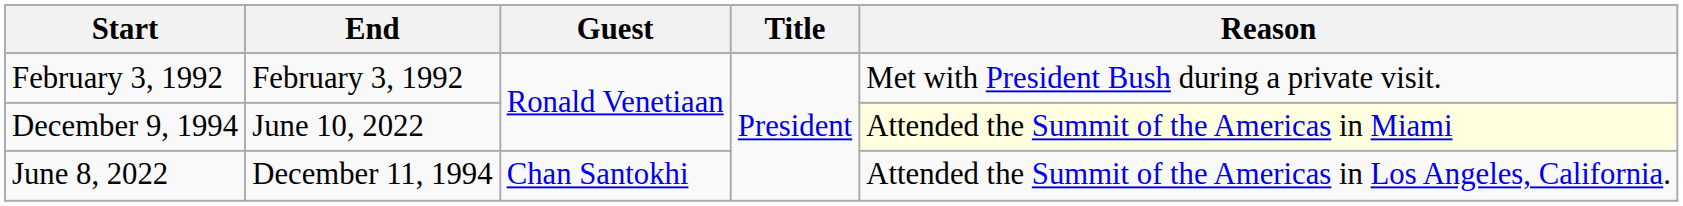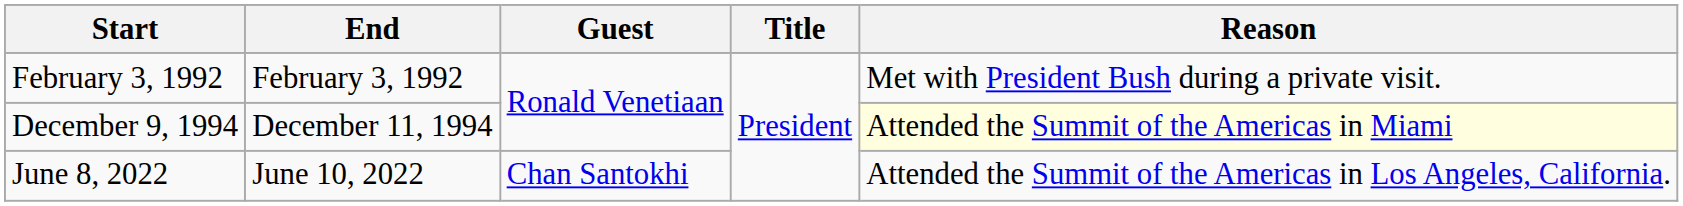 <table class="wikitable sortable">
 <tr>
 <th>Start</th>
 <th>End</th>
 <th>Guest</th>
 <th>Title</th>
 <th>Reason</th>
 </tr>
 <tr>
 <td>February 3, 1992</td>
 <td>February 3, 1992</td>
 <td rowspan=2><a href='#'>Ronald Venetiaan</a></td>
 <td rowspan=3><a href='#'>President</a></td>
 <td>Met with <a href='#'>President Bush</a> during a private visit.</td>
 </tr>
 <tr>
 <td>December 9, 1994</td>
-<td>June 10, 2022</td>
+<td>December 11, 1994</td>
 <td style="background: lightyellow;">Attended the <a href='#'>Summit of the Americas</a> in <a href='#'>Miami</a></td>
 </tr>
 <tr>
 <td>June 8, 2022</td>
-<td>December 11, 1994</td>
+<td>June 10, 2022</td>
 <td><a href='#'>Chan Santokhi</a></td>
 <td>Attended the <a href='#'>Summit of the Americas</a> in <a href='#'>Los Angeles, California</a>.</td>
 </tr>
 </table>
